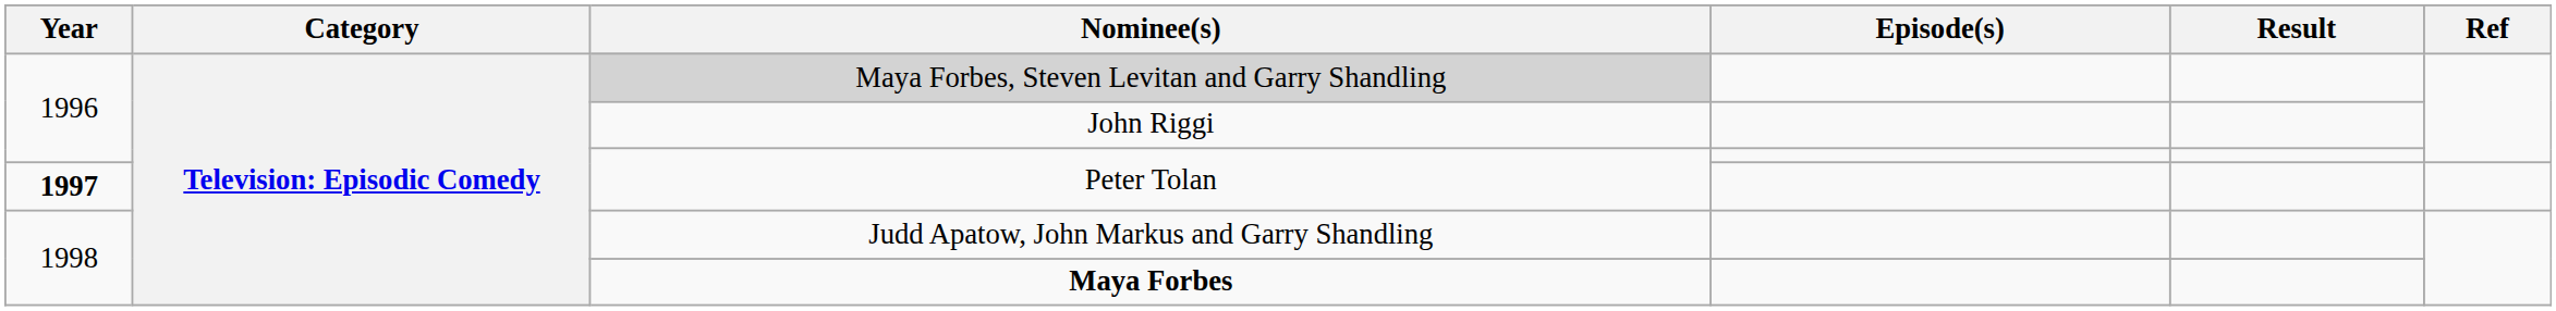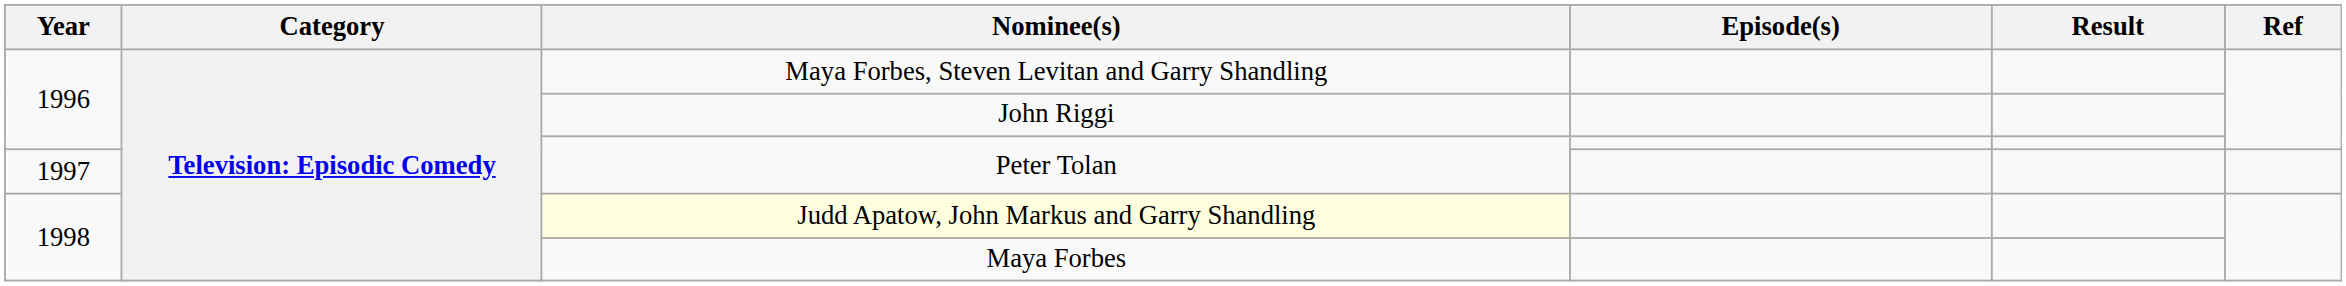 <table class="wikitable plainrowheaders" style="font-size: 90%; text-align:center" width=100%>
 <tr>
 <th scope="col" width="5%">Year</th>
 <th scope="col" width="18%">Category</th>
 <th scope="col" width="44%">Nominee(s)</th>
 <th scope="col" width="18%">Episode(s)</th>
 <th scope="col" width="10%">Result</th>
 <th scope="col" width="5%">Ref</th>
 </tr>
 <tr>
 <td rowspan="3">1996</td>
 <th scope="row" style="text-align:center" rowspan="6"><a href='#'>Television: Episodic Comedy</a></th>
-<td style="background: lightgrey;">Maya Forbes, Steven Levitan and Garry Shandling</td>
+<td>Maya Forbes, Steven Levitan and Garry Shandling</td>
 <td></td>
 <td></td>
 <td rowspan="3"></td>
 </tr>
 <tr>
 <td>John Riggi</td>
 <td></td>
 <td></td>
 </tr>
 <tr>
 <td rowspan="2">Peter Tolan</td>
 <td></td>
 <td></td>
 </tr>
 <tr>
-<td><strong>1997</strong></td>
+<td>1997</td>
 <td></td>
 <td></td>
 <td></td>
 </tr>
 <tr>
 <td rowspan="2">1998</td>
-<td>Judd Apatow, John Markus and Garry Shandling</td>
+<td style="background: lightyellow;">Judd Apatow, John Markus and Garry Shandling</td>
 <td></td>
 <td></td>
 <td rowspan="2"></td>
 </tr>
 <tr>
-<td><strong>Maya Forbes</strong></td>
+<td>Maya Forbes</td>
 <td></td>
 <td></td>
 </tr>
 </table>
